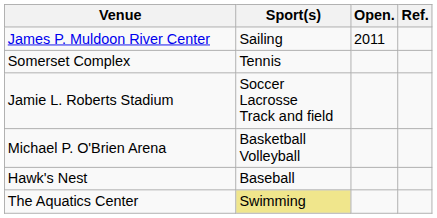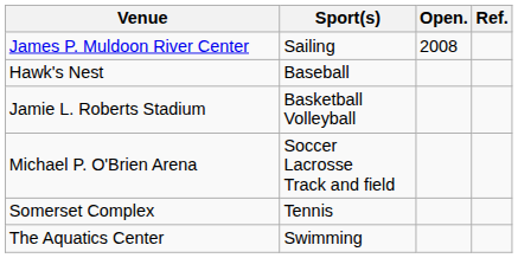 <table class="wikitable"; style= "text-align: ">
 <tr>
 <th width=250px>Venue</th>
 <th width=120px>Sport(s)</th>
 <th width=px>Open.</th>
 <th width=px>Ref.</th>
 </tr>
 <tr>
 <td><a href='#'>James P. Muldoon River Center</a></td>
 <td>Sailing</td>
-<td>2011</td>
+<td>2008</td>
+<td></td>
+</tr>
+<tr>
+<td>Hawk's Nest</td>
+<td>Baseball</td>
+<td></td>
+<td></td>
+</tr>
+<tr>
+<td>Jamie L. Roberts Stadium</td>
+<td>Basketball <br> Volleyball</td>
+<td></td>
+<td></td>
+</tr>
+<tr>
+<td>Michael P. O'Brien Arena</td>
+<td>Soccer<br> Lacrosse <br> Track and field</td>
+<td></td>
 <td></td>
 </tr>
 <tr>
 <td>Somerset Complex</td>
 <td>Tennis</td>
 <td></td>
 <td></td>
 </tr>
 <tr>
-<td>Jamie L. Roberts Stadium</td>
-<td>Soccer<br> Lacrosse <br> Track and field</td>
-<td></td>
-<td></td>
-</tr>
-<tr>
-<td>Michael P. O'Brien Arena</td>
-<td>Basketball <br> Volleyball</td>
-<td></td>
-<td></td>
-</tr>
-<tr>
-<td>Hawk's Nest</td>
-<td>Baseball</td>
-<td></td>
-<td></td>
-</tr>
-<tr>
 <td>The Aquatics Center</td>
-<td style="background: khaki;">Swimming</td>
+<td>Swimming</td>
 <td></td>
 <td></td>
 </tr>
 </table>
